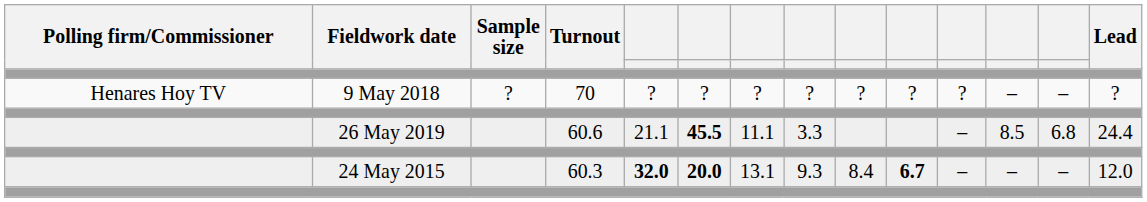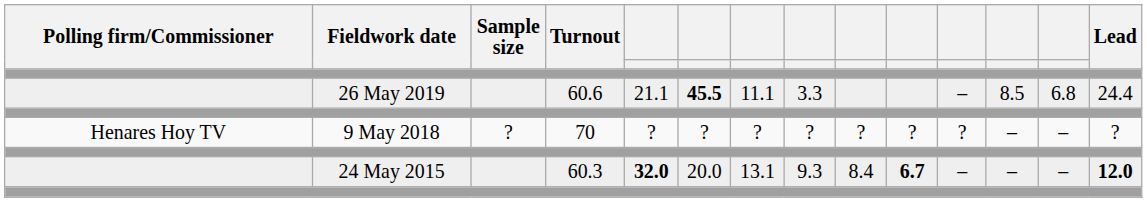 <table class="wikitable collapsible collapsed" style="text-align:center; font-size:95%; line-height:16px;">
 <tr style="height:42px;">
 <th style="width:250px;" rowspan="2">Polling firm/Commissioner</th>
 <th style="width:125px;" rowspan="2">Fieldwork date</th>
 <th style="width:50px;" rowspan="2">Sample size</th>
 <th style="width:45px;" rowspan="2">Turnout</th>
 <th style="width:35px;"></th>
 <th style="width:35px;"></th>
 <th style="width:35px;"></th>
 <th style="width:35px;"></th>
 <th style="width:35px;"></th>
 <th style="width:35px;"></th>
 <th style="width:35px;"></th>
 <th style="width:35px;"></th>
 <th style="width:35px;"></th>
 <th style="width:30px;" rowspan="2">Lead</th>
 </tr>
 <tr>
 <th style="color:inherit;background:"></th>
 <th style="color:inherit;background:"></th>
 <th style="color:inherit;background:"></th>
 <th style="color:inherit;background:"></th>
 <th style="color:inherit;background:"></th>
 <th style="color:inherit;background:"></th>
 <th style="color:inherit;background:"></th>
 <th style="color:inherit;background:"></th>
 <th style="color:inherit;background:"></th>
 </tr>
 <tr>
 <td colspan="14" style="background:#A0A0A0"></td>
 </tr>
+<tr style="background:#EFEFEF;">
+<td><strong></strong></td>
+<td>26 May 2019</td>
+<td></td>
+<td>60.6</td>
+<td>21.1<br></td>
+<td><strong>45.5</strong><br></td>
+<td>11.1<br></td>
+<td>3.3<br></td>
+<td></td>
+<td></td>
+<td>–</td>
+<td>8.5<br></td>
+<td>6.8<br></td>
+<td style="background:">24.4</td>
+</tr>
+<tr>
+<td colspan="14" style="background:#A0A0A0"></td>
+</tr>
 <tr>
 <td>Henares Hoy TV</td>
 <td>9 May 2018</td>
 <td>?</td>
 <td>70</td>
 <td>?<br></td>
 <td>?<br></td>
 <td>?<br></td>
 <td>?<br></td>
 <td>?<br></td>
 <td>?<br></td>
 <td>?<br></td>
 <td>–</td>
 <td>–</td>
 <td style="background:">?</td>
 </tr>
 <tr>
 <td colspan="14" style="background:#A0A0A0"></td>
 </tr>
 <tr style="background:#EFEFEF;">
 <td><strong></strong></td>
-<td>26 May 2019</td>
-<td></td>
-<td>60.6</td>
-<td>21.1<br></td>
-<td><strong>45.5</strong><br></td>
-<td>11.1<br></td>
-<td>3.3<br></td>
-<td></td>
-<td></td>
-<td>–</td>
-<td>8.5<br></td>
-<td>6.8<br></td>
-<td style="background:">24.4</td>
-</tr>
-<tr>
-<td colspan="14" style="background:#A0A0A0"></td>
-</tr>
-<tr style="background:#EFEFEF;">
-<td><strong></strong></td>
 <td>24 May 2015</td>
 <td></td>
 <td>60.3</td>
 <td><strong>32.0</strong><br></td>
-<td><strong>20.0<br></strong></td>
+<td>20.0<br></td>
 <td>13.1<br></td>
 <td>9.3<br></td>
 <td>8.4<br></td>
 <td><strong>6.7<br></strong></td>
 <td>–</td>
 <td>–</td>
 <td>–</td>
-<td style="background:">12.0</td>
+<td style="background:"><strong>12.0</strong></td>
 </tr>
 <tr>
 <td colspan="14" style="background:#A0A0A0"></td>
 </tr>
 </table>
